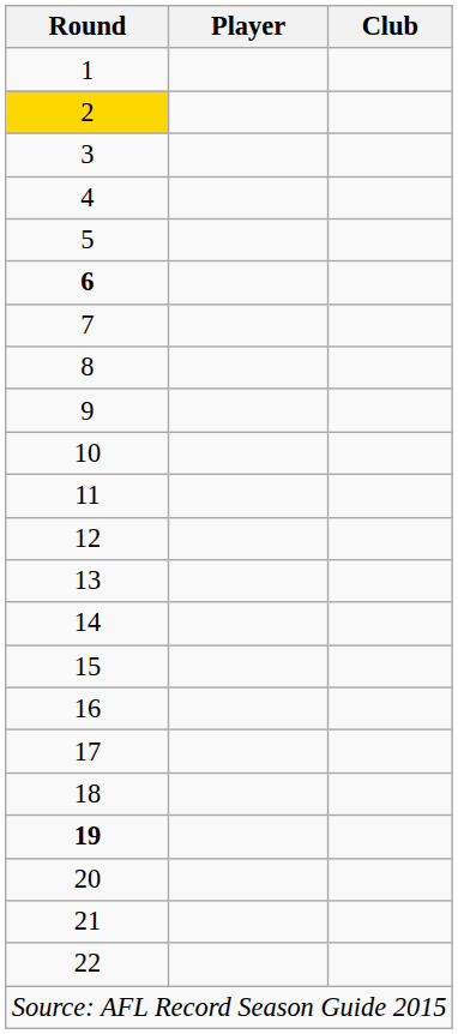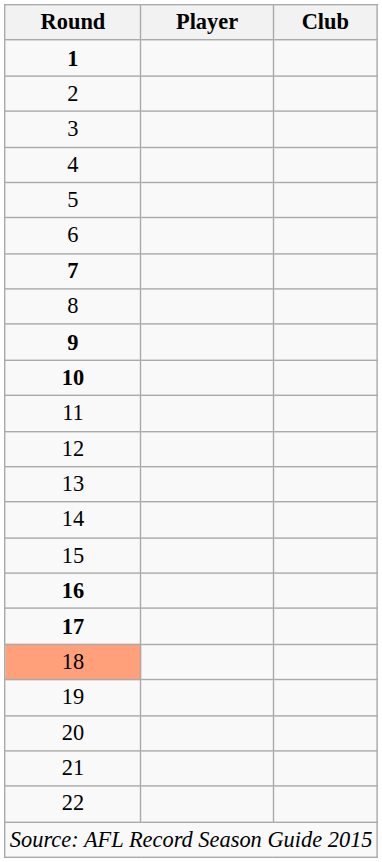 <table class="wikitable sortable" style="text-align:center">
 <tr>
 <th>Round</th>
 <th>Player</th>
 <th>Club</th>
 </tr>
 <tr>
-<td>1</td>
+<td><strong>1</strong></td>
 <td><strong></strong></td>
 <td><strong></strong></td>
 </tr>
 <tr>
-<td style="background: gold;">2</td>
+<td>2</td>
 <td></td>
 <td></td>
 </tr>
 <tr>
 <td>3</td>
 <td></td>
 <td></td>
 </tr>
 <tr>
 <td>4</td>
 <td></td>
 <td></td>
 </tr>
 <tr>
 <td>5</td>
 <td></td>
 <td></td>
 </tr>
 <tr>
-<td><strong>6</strong></td>
+<td>6</td>
 <td></td>
 <td></td>
 </tr>
 <tr>
-<td>7</td>
+<td><strong>7</strong></td>
 <td></td>
 <td></td>
 </tr>
 <tr>
 <td>8</td>
 <td></td>
 <td></td>
 </tr>
 <tr>
-<td>9</td>
+<td><strong>9</strong></td>
 <td></td>
 <td></td>
 </tr>
 <tr>
-<td>10</td>
+<td><strong>10</strong></td>
 <td></td>
 <td></td>
 </tr>
 <tr>
 <td>11</td>
 <td></td>
 <td></td>
 </tr>
 <tr>
 <td>12</td>
 <td></td>
 <td></td>
 </tr>
 <tr>
 <td>13</td>
 <td></td>
 <td></td>
 </tr>
 <tr>
 <td>14</td>
 <td></td>
 <td></td>
 </tr>
 <tr>
 <td>15</td>
 <td></td>
 <td></td>
 </tr>
 <tr>
-<td>16</td>
+<td><strong>16</strong></td>
 <td></td>
 <td></td>
 </tr>
 <tr>
-<td>17</td>
+<td><strong>17</strong></td>
 <td></td>
 <td></td>
 </tr>
 <tr>
-<td>18</td>
+<td style="background: lightsalmon;">18</td>
 <td></td>
 <td></td>
 </tr>
 <tr>
-<td><strong>19</strong></td>
+<td>19</td>
 <td></td>
 <td></td>
 </tr>
 <tr>
 <td>20</td>
 <td></td>
 <td></td>
 </tr>
 <tr>
 <td>21</td>
 <td></td>
 <td></td>
 </tr>
 <tr>
 <td>22</td>
 <td></td>
 <td></td>
 </tr>
 <tr class="sortbottom">
 <td colspan=4><em>Source: AFL Record Season Guide 2015</em></td>
 </tr>
 </table>
